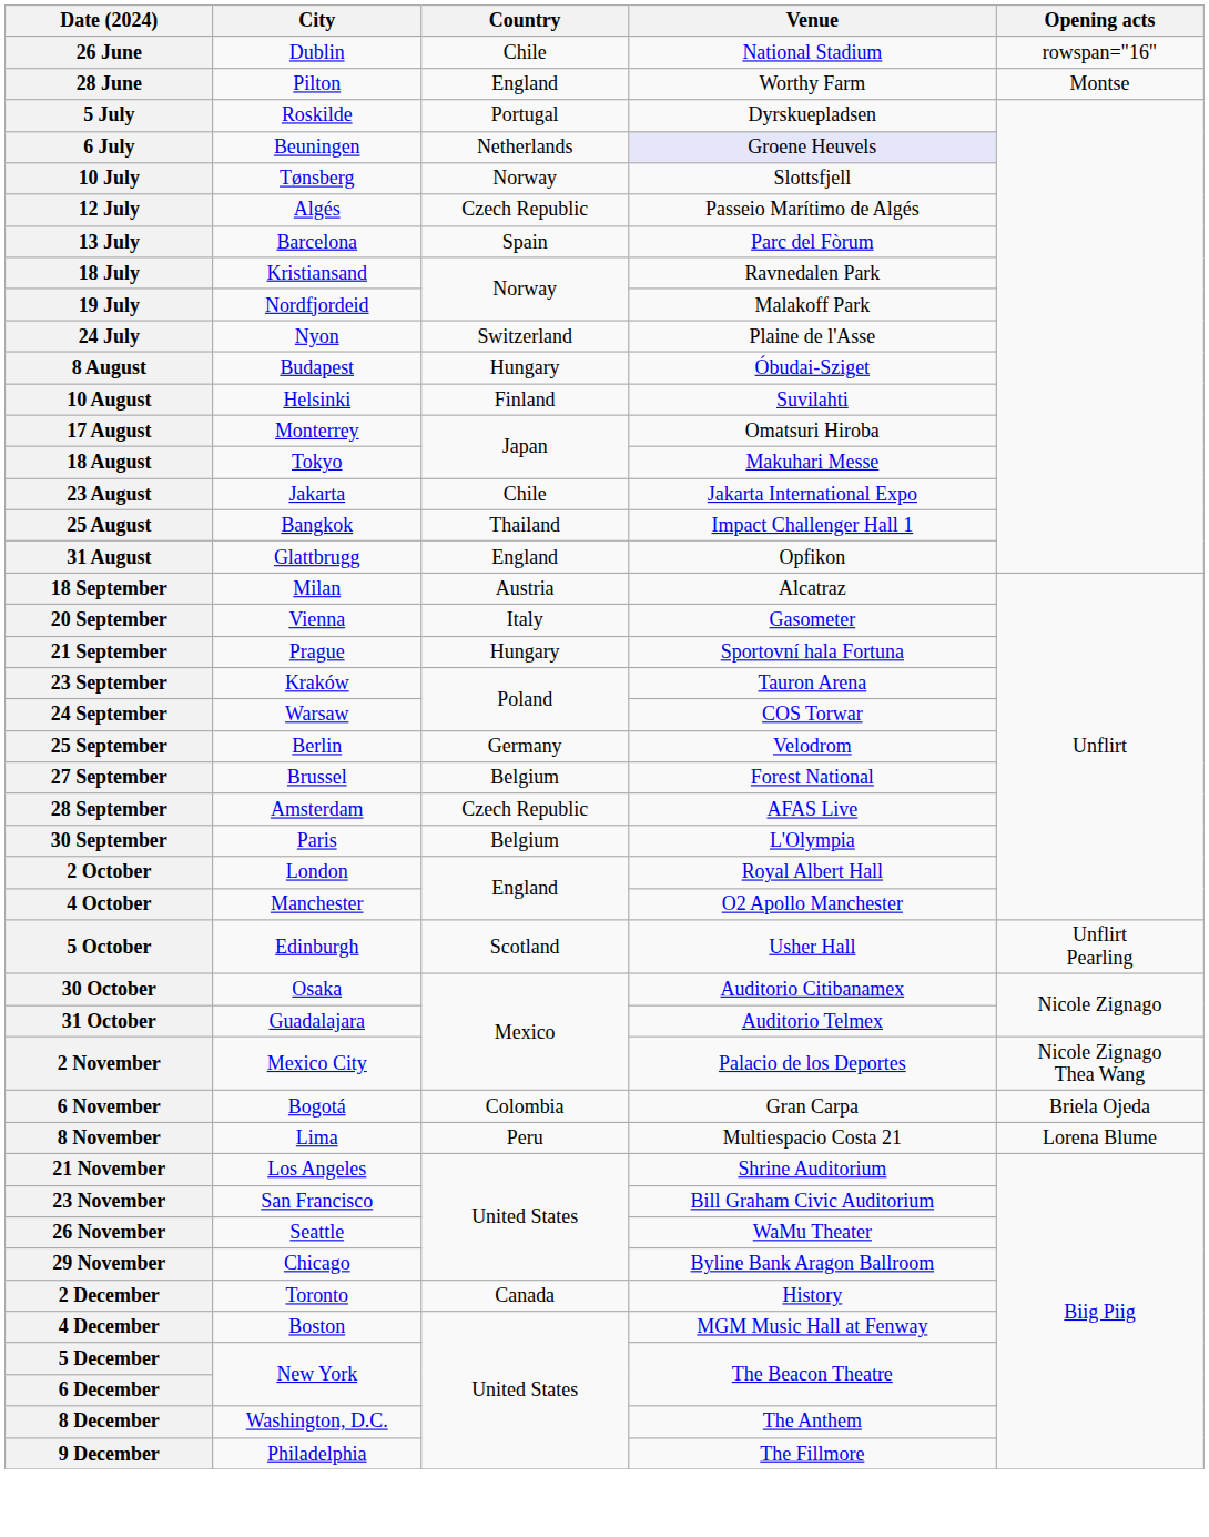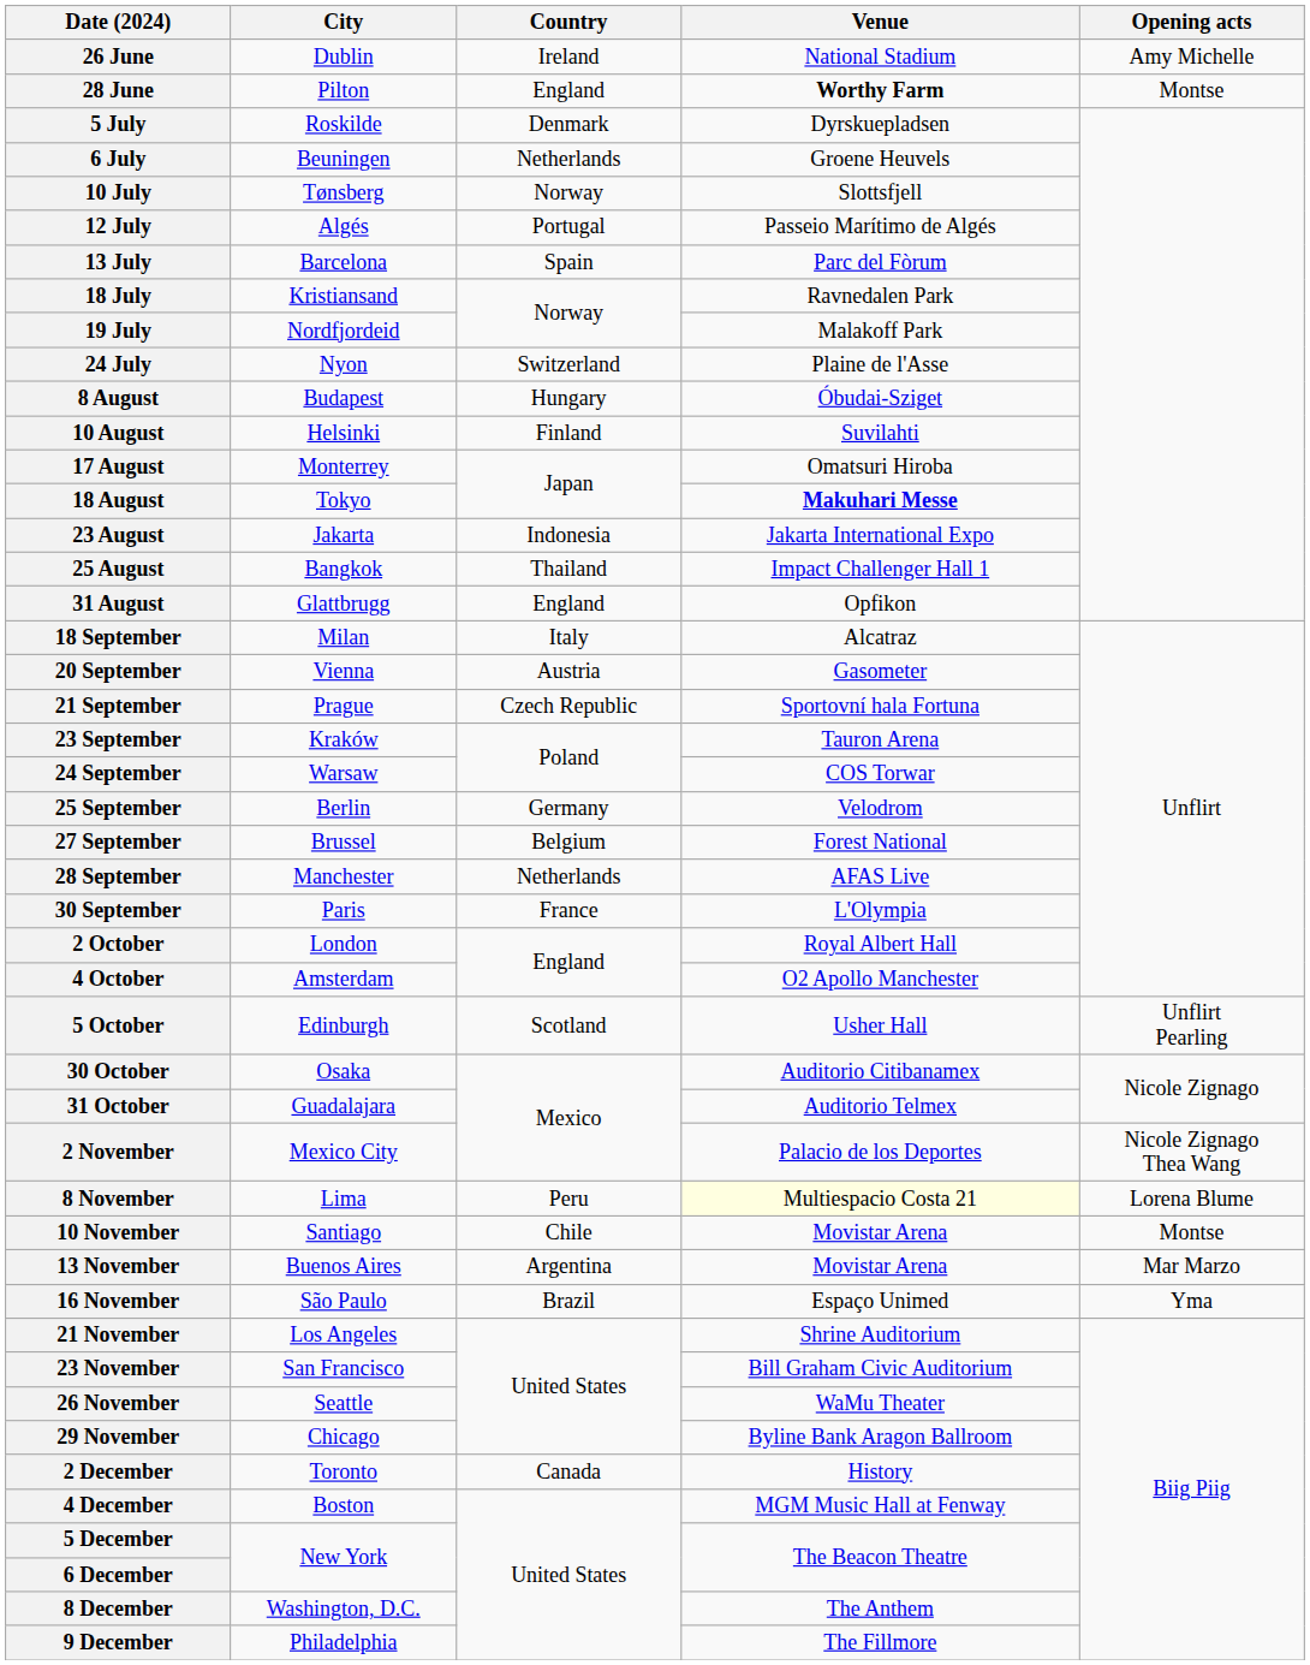 <table class="wikitable plainrowheaders" style="text-align:center;">
 <tr>
 <th scope="col" style="width:10em;">Date (2024)</th>
 <th scope="col" style="width:10em;">City</th>
 <th scope="col" style="width:10em;">Country</th>
 <th scope="col" style="width:18em;">Venue</th>
 <th scope="col" style="width:10em;">Opening acts</th>
 </tr>
 <tr>
 <th scope="row" style="text-align:center;">26 June</th>
 <td><a href='#'>Dublin</a></td>
-<td>Chile</td>
+<td>Ireland</td>
 <td><a href='#'>National Stadium</a></td>
-<td>rowspan="16" </td>
+<td rowspan="1">Amy Michelle</td>
 </tr>
 <tr>
 <th scope="row" style="text-align:center;">28 June</th>
 <td><a href='#'>Pilton</a></td>
 <td>England</td>
-<td>Worthy Farm</td>
+<td><strong>Worthy Farm</strong></td>
 <td rowspan="1">Montse</td>
 </tr>
 <tr>
 <th scope="row" style="text-align:center;">5 July</th>
 <td><a href='#'>Roskilde</a></td>
-<td>Portugal</td>
+<td>Denmark</td>
 <td>Dyrskuepladsen</td>
 </tr>
 <tr>
 <th scope="row" style="text-align:center;">6 July</th>
 <td><a href='#'>Beuningen</a></td>
 <td>Netherlands</td>
-<td style="background: lavender;">Groene Heuvels</td>
+<td>Groene Heuvels</td>
 </tr>
 <tr>
 <th scope="row" style="text-align:center;">10 July</th>
 <td><a href='#'>Tønsberg</a></td>
 <td>Norway</td>
 <td>Slottsfjell</td>
 </tr>
 <tr>
 <th scope="row" style="text-align:center;">12 July</th>
 <td><a href='#'>Algés</a></td>
-<td>Czech Republic</td>
+<td>Portugal</td>
 <td>Passeio Marítimo de Algés</td>
 </tr>
 <tr>
 <th scope="row" style="text-align:center;">13 July</th>
 <td><a href='#'>Barcelona</a></td>
 <td>Spain</td>
 <td><a href='#'>Parc del Fòrum</a></td>
 </tr>
 <tr>
 <th scope="row" style="text-align:center;">18 July</th>
 <td><a href='#'>Kristiansand</a></td>
 <td rowspan="2">Norway</td>
 <td>Ravnedalen Park</td>
 </tr>
 <tr>
 <th scope="row" style="text-align:center;">19 July</th>
 <td><a href='#'>Nordfjordeid</a></td>
 <td>Malakoff Park</td>
 </tr>
 <tr>
 <th scope="row" style="text-align:center;">24 July</th>
 <td><a href='#'>Nyon</a></td>
 <td>Switzerland</td>
 <td>Plaine de l'Asse</td>
 </tr>
 <tr>
 <th scope="row" style="text-align:center;">8 August</th>
 <td><a href='#'>Budapest</a></td>
 <td>Hungary</td>
 <td><a href='#'>Óbudai-Sziget</a></td>
 </tr>
 <tr>
 <th scope="row" style="text-align:center;">10 August</th>
 <td><a href='#'>Helsinki</a></td>
 <td>Finland</td>
 <td><a href='#'>Suvilahti</a></td>
 </tr>
 <tr>
 <th scope="row" style="text-align:center;">17 August</th>
 <td><a href='#'>Monterrey</a></td>
 <td rowspan="2">Japan</td>
 <td>Omatsuri Hiroba</td>
 </tr>
 <tr>
 <th scope="row" style="text-align:center;">18 August</th>
 <td><a href='#'>Tokyo</a></td>
-<td><a href='#'>Makuhari Messe</a></td>
+<td><strong><a href='#'>Makuhari Messe</a></strong></td>
 </tr>
 <tr>
 <th scope="row" style="text-align:center;">23 August</th>
 <td><a href='#'>Jakarta</a></td>
-<td>Chile</td>
+<td>Indonesia</td>
 <td><a href='#'>Jakarta International Expo</a></td>
 </tr>
 <tr>
 <th scope="row" style="text-align:center;">25 August</th>
 <td><a href='#'>Bangkok</a></td>
 <td>Thailand</td>
 <td><a href='#'>Impact Challenger Hall 1</a></td>
 </tr>
 <tr>
 <th scope="row" style="text-align:center;">31 August</th>
 <td><a href='#'>Glattbrugg</a></td>
 <td>England</td>
 <td>Opfikon</td>
 </tr>
 <tr>
 <th scope="row" style="text-align:center;">18 September</th>
 <td><a href='#'>Milan</a></td>
-<td>Austria</td>
+<td>Italy</td>
 <td>Alcatraz</td>
 <td rowspan="11">Unflirt</td>
 </tr>
 <tr>
 <th scope="row" style="text-align:center;">20 September</th>
 <td><a href='#'>Vienna</a></td>
-<td>Italy</td>
+<td>Austria</td>
 <td><a href='#'>Gasometer</a></td>
 </tr>
 <tr>
 <th scope="row" style="text-align:center;">21 September</th>
 <td><a href='#'>Prague</a></td>
-<td>Hungary</td>
+<td>Czech Republic</td>
 <td><a href='#'>Sportovní hala Fortuna</a></td>
 </tr>
 <tr>
 <th scope="row" style="text-align:center;">23 September</th>
 <td><a href='#'>Kraków</a></td>
 <td rowspan="2">Poland</td>
 <td><a href='#'>Tauron Arena</a></td>
 </tr>
 <tr>
 <th scope="row" style="text-align:center;">24 September</th>
 <td><a href='#'>Warsaw</a></td>
 <td><a href='#'>COS Torwar</a></td>
 </tr>
 <tr>
 <th scope="row" style="text-align:center;">25 September</th>
 <td><a href='#'>Berlin</a></td>
 <td>Germany</td>
 <td><a href='#'>Velodrom</a></td>
 </tr>
 <tr>
 <th scope="row" style="text-align:center;">27 September</th>
 <td><a href='#'>Brussel</a></td>
 <td>Belgium</td>
 <td><a href='#'>Forest National</a></td>
 </tr>
 <tr>
 <th scope="row" style="text-align:center;">28 September</th>
-<td><a href='#'>Amsterdam</a></td>
-<td>Czech Republic</td>
+<td><a href='#'>Manchester</a></td>
+<td>Netherlands</td>
 <td><a href='#'>AFAS Live</a></td>
 </tr>
 <tr>
 <th scope="row" style="text-align:center;">30 September</th>
 <td><a href='#'>Paris</a></td>
-<td>Belgium</td>
+<td>France</td>
 <td><a href='#'>L'Olympia</a></td>
 </tr>
 <tr>
 <th scope="row" style="text-align:center;">2 October</th>
 <td><a href='#'>London</a></td>
 <td rowspan="2">England</td>
 <td><a href='#'>Royal Albert Hall</a></td>
 </tr>
 <tr>
 <th scope="row" style="text-align:center;">4 October</th>
-<td><a href='#'>Manchester</a></td>
+<td><a href='#'>Amsterdam</a></td>
 <td><a href='#'>O2 Apollo Manchester</a></td>
 </tr>
 <tr>
 <th scope="row" style="text-align:center;">5 October</th>
 <td><a href='#'>Edinburgh</a></td>
 <td>Scotland</td>
 <td><a href='#'>Usher Hall</a></td>
 <td rowspan="1">Unflirt<br>Pearling</td>
 </tr>
 <tr>
 <th scope="row" style="text-align:center;">30 October</th>
 <td><a href='#'>Osaka</a></td>
 <td rowspan="3">Mexico</td>
 <td><a href='#'>Auditorio Citibanamex</a></td>
 <td rowspan="2">Nicole Zignago</td>
 </tr>
 <tr>
 <th scope="row" style="text-align:center;">31 October</th>
 <td><a href='#'>Guadalajara</a></td>
 <td><a href='#'>Auditorio Telmex</a></td>
 </tr>
 <tr>
 <th scope="row" style="text-align:center;">2 November</th>
 <td><a href='#'>Mexico City</a></td>
 <td><a href='#'>Palacio de los Deportes</a></td>
 <td rowspan="1">Nicole Zignago<br>Thea Wang</td>
 </tr>
 <tr>
-<th scope="row" style="text-align:center;">6 November</th>
-<td><a href='#'>Bogotá</a></td>
-<td>Colombia</td>
-<td>Gran Carpa</td>
-<td rowspan="1">Briela Ojeda</td>
-</tr>
-<tr>
 <th scope="row" style="text-align:center;">8 November</th>
 <td><a href='#'>Lima</a></td>
 <td>Peru</td>
-<td>Multiespacio Costa 21</td>
+<td style="background: lightyellow;">Multiespacio Costa 21</td>
 <td rowspan="1">Lorena Blume</td>
+</tr>
+<tr>
+<th scope="row" style="text-align:center;">10 November</th>
+<td><a href='#'>Santiago</a></td>
+<td>Chile</td>
+<td><a href='#'>Movistar Arena</a></td>
+<td rowspan="1">Montse</td>
+</tr>
+<tr>
+<th scope="row" style="text-align:center;">13 November</th>
+<td><a href='#'>Buenos Aires</a></td>
+<td>Argentina</td>
+<td><a href='#'>Movistar Arena</a></td>
+<td rowspan="1">Mar Marzo</td>
+</tr>
+<tr>
+<th scope="row" style="text-align:center;">16 November</th>
+<td><a href='#'>São Paulo</a></td>
+<td>Brazil</td>
+<td>Espaço Unimed</td>
+<td rowspan="1">Yma</td>
 </tr>
 <tr>
 <th scope="row" style="text-align:center;">21 November</th>
 <td><a href='#'>Los Angeles</a></td>
 <td rowspan="4">United States</td>
 <td><a href='#'>Shrine Auditorium</a></td>
 <td rowspan="10"><a href='#'>Biig Piig</a></td>
 </tr>
 <tr>
 <th scope="row" style="text-align:center;">23 November</th>
 <td><a href='#'>San Francisco</a></td>
 <td><a href='#'>Bill Graham Civic Auditorium</a></td>
 </tr>
 <tr>
 <th scope="row" style="text-align:center;">26 November</th>
 <td><a href='#'>Seattle</a></td>
 <td><a href='#'>WaMu Theater</a></td>
 </tr>
 <tr>
 <th scope="row" style="text-align:center;">29 November</th>
 <td><a href='#'>Chicago</a></td>
 <td><a href='#'>Byline Bank Aragon Ballroom</a></td>
 </tr>
 <tr>
 <th scope="row" style="text-align:center;">2 December</th>
 <td><a href='#'>Toronto</a></td>
 <td>Canada</td>
 <td><a href='#'>History</a></td>
 </tr>
 <tr>
 <th scope="row" style="text-align:center;">4 December</th>
 <td><a href='#'>Boston</a></td>
 <td rowspan="5">United States</td>
 <td><a href='#'>MGM Music Hall at Fenway</a></td>
 </tr>
 <tr>
 <th scope="row" style="text-align:center;">5 December</th>
 <td rowspan="2"><a href='#'>New York</a></td>
 <td rowspan="2"><a href='#'>The Beacon Theatre</a></td>
 </tr>
 <tr>
 <th scope="row" style="text-align:center;">6 December</th>
 </tr>
 <tr>
 <th scope="row" style="text-align:center;">8 December</th>
 <td><a href='#'>Washington, D.C.</a></td>
 <td><a href='#'>The Anthem</a></td>
 </tr>
 <tr>
 <th scope="row" style="text-align:center;">9 December</th>
 <td><a href='#'>Philadelphia</a></td>
 <td><a href='#'>The Fillmore</a></td>
 </tr>
 </table>
